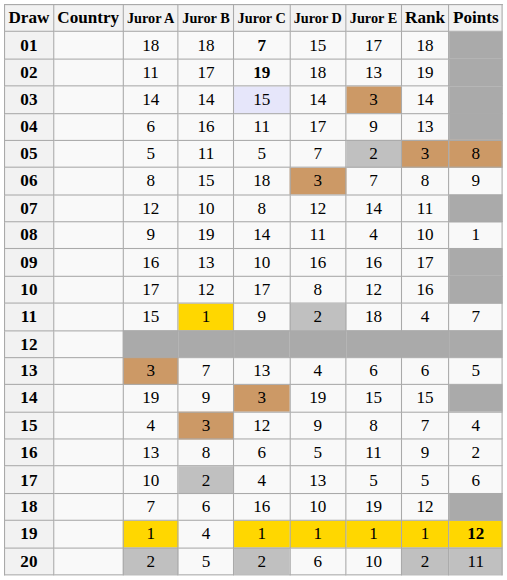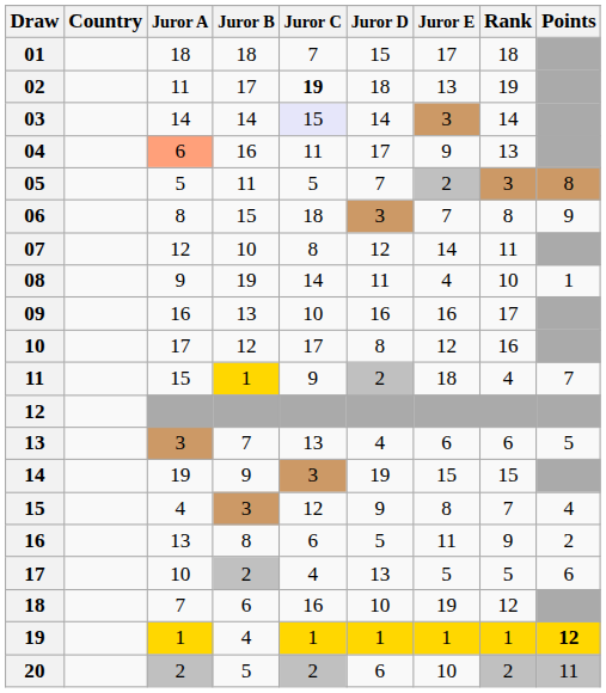 <table class="sortable wikitable collapsible plainrowheaders" style="text-align:center;">
 <tr>
 </tr>
 <tr>
 <th scope="col">Draw</th>
 <th scope="col">Country</th>
 <th scope="col"><small>Juror A</small></th>
 <th scope="col"><small>Juror B</small></th>
 <th scope="col"><small>Juror C</small></th>
 <th scope="col"><small>Juror D</small></th>
 <th scope="col"><small>Juror E</small></th>
 <th scope="col">Rank</th>
 <th scope="col">Points</th>
 </tr>
 <tr>
 <th scope="row" style="text-align:center;">01</th>
 <td style="text-align:left;"></td>
 <td>18</td>
 <td>18</td>
-<td><strong>7</strong></td>
+<td>7</td>
 <td>15</td>
 <td>17</td>
 <td>18</td>
 <td style="background:#AAAAAA;"></td>
 </tr>
 <tr>
 <th scope="row" style="text-align:center;">02</th>
 <td style="text-align:left;"></td>
 <td>11</td>
 <td>17</td>
 <td><strong>19</strong></td>
 <td>18</td>
 <td>13</td>
 <td>19</td>
 <td style="background:#AAAAAA;"></td>
 </tr>
 <tr>
 <th scope="row" style="text-align:center;">03</th>
 <td style="text-align:left;"></td>
 <td>14</td>
 <td>14</td>
 <td style="background: lavender;">15</td>
 <td>14</td>
 <td style="background:#CC9966;">3</td>
 <td>14</td>
 <td style="background:#AAAAAA;"></td>
 </tr>
 <tr>
 <th scope="row" style="text-align:center;">04</th>
 <td style="text-align:left;"></td>
-<td>6</td>
+<td style="background: lightsalmon;">6</td>
 <td>16</td>
 <td>11</td>
 <td>17</td>
 <td>9</td>
 <td>13</td>
 <td style="background:#AAAAAA;"></td>
 </tr>
 <tr>
 <th scope="row" style="text-align:center;">05</th>
 <td style="text-align:left;"></td>
 <td>5</td>
 <td>11</td>
 <td>5</td>
 <td>7</td>
 <td style="background:silver;">2</td>
 <td style="background:#CC9966;">3</td>
 <td style="background:#CC9966;">8</td>
 </tr>
 <tr>
 <th scope="row" style="text-align:center;">06</th>
 <td style="text-align:left;"></td>
 <td>8</td>
 <td>15</td>
 <td>18</td>
 <td style="background:#CC9966;">3</td>
 <td>7</td>
 <td>8</td>
 <td>9</td>
 </tr>
 <tr>
 <th scope="row" style="text-align:center;">07</th>
 <td style="text-align:left;"></td>
 <td>12</td>
 <td>10</td>
 <td>8</td>
 <td>12</td>
 <td>14</td>
 <td>11</td>
 <td style="background:#AAAAAA;"></td>
 </tr>
 <tr>
 <th scope="row" style="text-align:center;">08</th>
 <td style="text-align:left;"></td>
 <td>9</td>
 <td>19</td>
 <td>14</td>
 <td>11</td>
 <td>4</td>
 <td>10</td>
 <td>1</td>
 </tr>
 <tr>
 <th scope="row" style="text-align:center;">09</th>
 <td style="text-align:left;"></td>
 <td>16</td>
 <td>13</td>
 <td>10</td>
 <td>16</td>
 <td>16</td>
 <td>17</td>
 <td style="background:#AAAAAA;"></td>
 </tr>
 <tr>
 <th scope="row" style="text-align:center;">10</th>
 <td style="text-align:left;"></td>
 <td>17</td>
 <td>12</td>
 <td>17</td>
 <td>8</td>
 <td>12</td>
 <td>16</td>
 <td style="background:#AAAAAA;"></td>
 </tr>
 <tr>
 <th scope="row" style="text-align:center;">11</th>
 <td style="text-align:left;"></td>
 <td>15</td>
 <td style="background:gold;">1</td>
 <td>9</td>
 <td style="background:silver;">2</td>
 <td>18</td>
 <td>4</td>
 <td>7</td>
 </tr>
 <tr class="sortbottom">
 <th scope="row" style="text-align:center;">12</th>
 <td style="text-align:left;"></td>
 <td style="background:#AAAAAA;"></td>
 <td style="background:#AAAAAA;"></td>
 <td style="background:#AAAAAA;"></td>
 <td style="background:#AAAAAA;"></td>
 <td style="background:#AAAAAA;"></td>
 <td style="background:#AAAAAA;"></td>
 <td style="background:#AAAAAA;"></td>
 </tr>
 <tr>
 <th scope="row" style="text-align:center;">13</th>
 <td style="text-align:left;"></td>
 <td style="background:#CC9966;">3</td>
 <td>7</td>
 <td>13</td>
 <td>4</td>
 <td>6</td>
 <td>6</td>
 <td>5</td>
 </tr>
 <tr>
 <th scope="row" style="text-align:center;">14</th>
 <td style="text-align:left;"></td>
 <td>19</td>
 <td>9</td>
 <td style="background:#CC9966;">3</td>
 <td>19</td>
 <td>15</td>
 <td>15</td>
 <td style="background:#AAAAAA;"></td>
 </tr>
 <tr>
 <th scope="row" style="text-align:center;">15</th>
 <td style="text-align:left;"></td>
 <td>4</td>
 <td style="background:#CC9966;">3</td>
 <td>12</td>
 <td>9</td>
 <td>8</td>
 <td>7</td>
 <td>4</td>
 </tr>
 <tr>
 <th scope="row" style="text-align:center;">16</th>
 <td style="text-align:left;"></td>
 <td>13</td>
 <td>8</td>
 <td>6</td>
 <td>5</td>
 <td>11</td>
 <td>9</td>
 <td>2</td>
 </tr>
 <tr>
 <th scope="row" style="text-align:center;">17</th>
 <td style="text-align:left;"></td>
 <td>10</td>
 <td style="background:silver;">2</td>
 <td>4</td>
 <td>13</td>
 <td>5</td>
 <td>5</td>
 <td>6</td>
 </tr>
 <tr>
 <th scope="row" style="text-align:center;">18</th>
 <td style="text-align:left;"></td>
 <td>7</td>
 <td>6</td>
 <td>16</td>
 <td>10</td>
 <td>19</td>
 <td>12</td>
 <td style="background:#AAAAAA;"></td>
 </tr>
 <tr>
 <th scope="row" style="text-align:center;">19</th>
 <td style="text-align:left;"></td>
 <td style="background:gold;">1</td>
 <td>4</td>
 <td style="background:gold;">1</td>
 <td style="background:gold;">1</td>
 <td style="background:gold;">1</td>
 <td style="background:gold;">1</td>
 <td style="background:gold;"><strong>12</strong></td>
 </tr>
 <tr>
 <th scope="row" style="text-align:center;">20</th>
 <td style="text-align:left;"></td>
 <td style="background:silver;">2</td>
 <td>5</td>
 <td style="background:silver;">2</td>
 <td>6</td>
 <td>10</td>
 <td style="background:silver;">2</td>
 <td style="background:silver;">11</td>
 </tr>
 </table>
